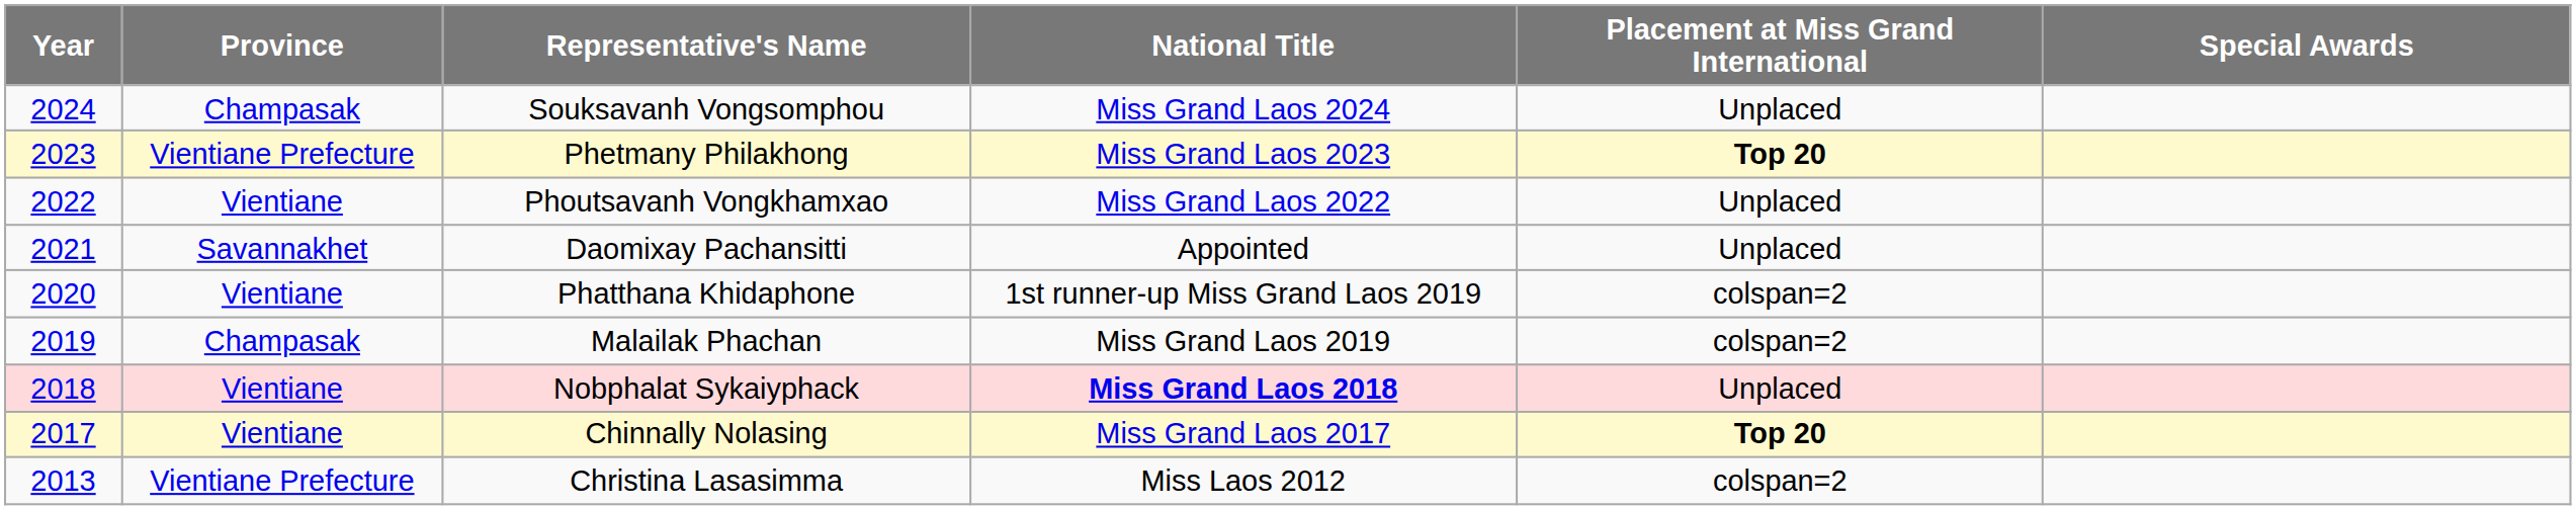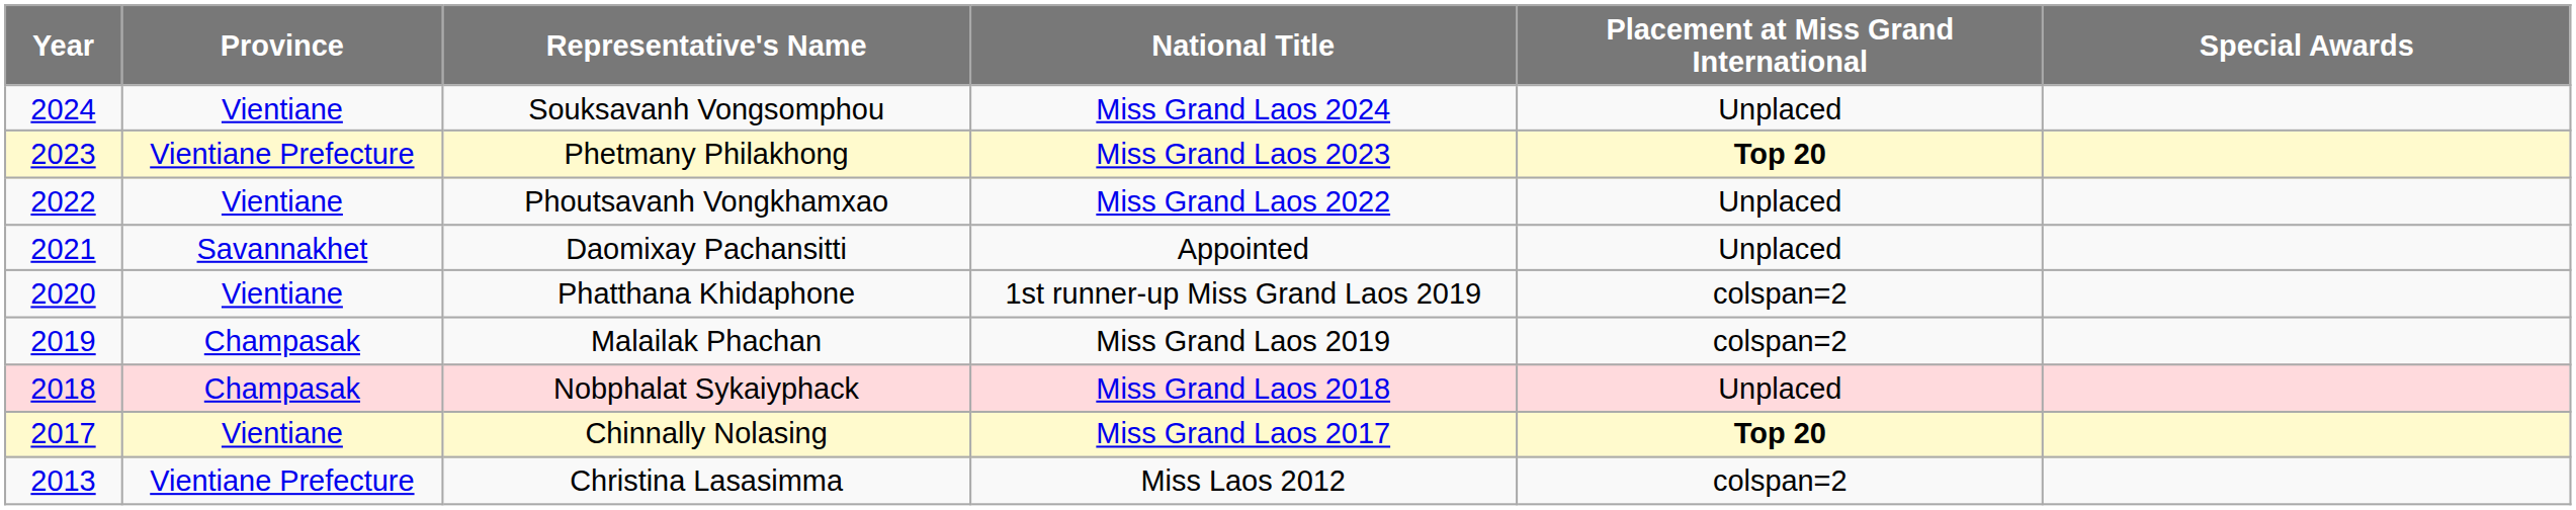 <table class="wikitable " style="font-size: 89%; text-align:center">
 <tr>
 <th width="50" style="background-color:#787878;color:#FFFFFF;">Year</th>
 <th width="150" style="background-color:#787878;color:#FFFFFF;">Province</th>
 <th width="250" style="background-color:#787878;color:#FFFFFF;">Representative's Name</th>
 <th width="260" style="background-color:#787878;color:#FFFFFF;">National Title</th>
 <th width="250" style="background-color:#787878;color:#FFFFFF;">Placement at Miss Grand International</th>
 <th width="250" style="background-color:#787878;color:#FFFFFF;">Special Awards</th>
 </tr>
 <tr>
 <td><a href='#'>2024</a></td>
-<td><a href='#'>Champasak</a></td>
+<td><a href='#'>Vientiane</a></td>
 <td>Souksavanh Vongsomphou</td>
 <td><a href='#'>Miss Grand Laos 2024</a></td>
 <td>Unplaced</td>
 <td></td>
 </tr>
 <tr style="background-color:#FFFACD;">
 <td><a href='#'>2023</a></td>
 <td><a href='#'>Vientiane Prefecture</a></td>
 <td>Phetmany Philakhong</td>
 <td><a href='#'>Miss Grand Laos 2023</a></td>
 <td><strong>Top 20</strong></td>
 <td style="background:;"></td>
 </tr>
 <tr>
 <td><a href='#'>2022</a></td>
 <td><a href='#'>Vientiane</a></td>
 <td>Phoutsavanh Vongkhamxao</td>
 <td><a href='#'>Miss Grand Laos 2022</a></td>
 <td>Unplaced</td>
 <td></td>
 </tr>
 <tr>
 <td><a href='#'>2021</a></td>
 <td><a href='#'>Savannakhet</a></td>
 <td>Daomixay Pachansitti</td>
 <td>Appointed</td>
 <td>Unplaced</td>
 <td></td>
 </tr>
 <tr>
 <td><a href='#'>2020</a></td>
 <td><a href='#'>Vientiane</a></td>
 <td>Phatthana Khidaphone</td>
 <td>1st runner-up Miss Grand Laos 2019</td>
 <td>colspan=2 </td>
 <td></td>
 </tr>
 <tr>
 <td><a href='#'>2019</a></td>
 <td><a href='#'>Champasak</a></td>
 <td>Malailak Phachan</td>
 <td>Miss Grand Laos 2019</td>
 <td>colspan=2 </td>
 </tr>
 <tr style="background-color:#FFDADD;">
 <td><a href='#'>2018</a></td>
-<td><a href='#'>Vientiane</a></td>
+<td><a href='#'>Champasak</a></td>
 <td>Nobphalat Sykaiyphack</td>
-<td><strong><a href='#'>Miss Grand Laos 2018</a></strong></td>
+<td><a href='#'>Miss Grand Laos 2018</a></td>
 <td>Unplaced</td>
 <td style="background:;"></td>
 </tr>
 <tr style="background-color:#FFFACD;">
 <td><a href='#'>2017</a></td>
 <td><a href='#'>Vientiane</a></td>
 <td>Chinnally Nolasing</td>
 <td><a href='#'>Miss Grand Laos 2017</a></td>
 <td><strong>Top 20</strong></td>
 <td style="background:;"></td>
 </tr>
 <tr>
 <td><a href='#'>2013</a></td>
 <td><a href='#'>Vientiane Prefecture</a></td>
 <td>Christina Lasasimma</td>
 <td>Miss Laos 2012</td>
 <td>colspan=2 </td>
 </tr>
 </table>
